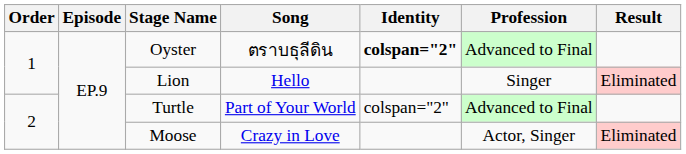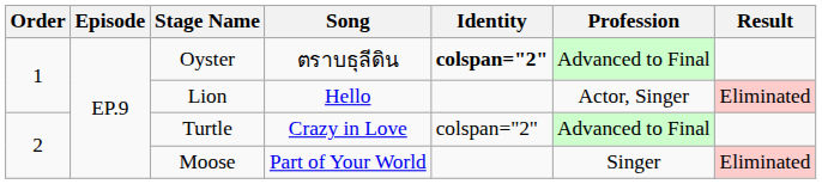 <table class="wikitable">
 <tr>
 <th>Order</th>
 <th>Episode</th>
 <th>Stage Name</th>
 <th>Song</th>
 <th>Identity</th>
 <th>Profession</th>
 <th>Result</th>
 </tr>
 <tr>
 <td rowspan="2" align="center">1</td>
 <td rowspan="4" align="center">EP.9</td>
 <td align="center">Oyster</td>
 <td align="center">ตราบธุลีดิน</td>
 <td><strong>colspan="2"  </strong></td>
 <td style="text-align:center; background:#ccffcc;">Advanced to Final</td>
 </tr>
 <tr>
 <td align="center">Lion</td>
 <td align="center"><a href='#'>Hello</a></td>
 <td align="center"></td>
-<td align="center">Singer</td>
+<td align="center">Actor, Singer</td>
 <td style="text-align:center; background:#ffcccc;">Eliminated</td>
 </tr>
 <tr>
 <td rowspan="2" align="center">2</td>
 <td align="center">Turtle</td>
-<td align="center"><a href='#'>Part of Your World</a></td>
+<td align="center"><a href='#'>Crazy in Love</a></td>
 <td>colspan="2"  </td>
 <td style="text-align:center; background:#ccffcc;">Advanced to Final</td>
 </tr>
 <tr>
 <td align="center">Moose</td>
-<td align="center"><a href='#'>Crazy in Love</a></td>
+<td align="center"><a href='#'>Part of Your World</a></td>
 <td align="center"></td>
-<td align="center">Actor, Singer</td>
+<td align="center">Singer</td>
 <td style="text-align:center; background:#ffcccc;">Eliminated</td>
 </tr>
 </table>
